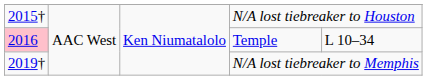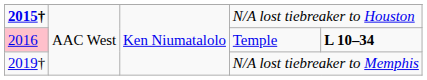 <table class="wikitable">
 <tr>
 </tr>
 <tr>
-<td><a href='#'>2015</a>†</td>
+<td><strong><a href='#'>2015</a>†</strong></td>
 <td rowspan="3">AAC West</td>
 <td rowspan="3"><a href='#'>Ken Niumatalolo</a></td>
 <td colspan="2"><em>N/A lost tiebreaker to <a href='#'>Houston</a></em></td>
 </tr>
 <tr>
 <td style="background: pink;"><a href='#'>2016</a></td>
 <td><a href='#'>Temple</a></td>
-<td>L 10–34</td>
+<td><strong>L 10–34</strong></td>
 </tr>
 <tr>
 <td><a href='#'>2019</a>†</td>
 <td colspan="2"><em>N/A lost tiebreaker to <a href='#'>Memphis</a></em></td>
 </tr>
 </table>
